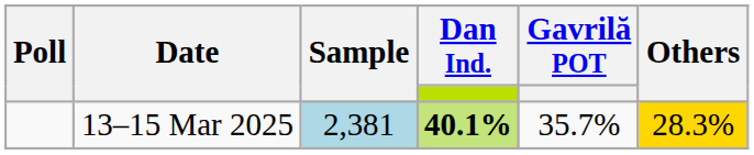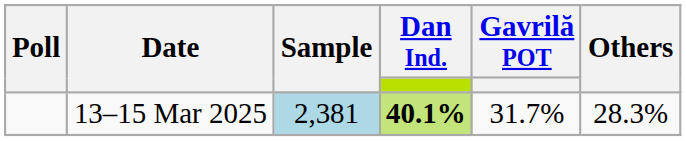 <table class="wikitable sortable" style="text-align:center;font-size:85%;line-height:14px;">
 <tr>
 <th rowspan="2">Poll</th>
 <th rowspan="2">Date</th>
 <th rowspan="2" style="width:35px;">Sample</th>
 <th class="unsortable" style="width:20px;"><a href='#'>Dan</a><br><small><a href='#'>Ind.</a></small></th>
 <th class="unsortable" style="width:20px;"><a href='#'>Gavrilă</a><br><small><a href='#'>POT</a></small></th>
 <th rowspan="2">Others</th>
 </tr>
 <tr>
 <th style="background:#BAE002; "></th>
 <th style="background:"></th>
 </tr>
 <tr>
 <td></td>
 <td>13–15 Mar 2025</td>
 <td style="background: lightblue;">2,381</td>
 <td style="background:#C2E47B"><strong>40.1%</strong></td>
-<td>35.7%</td>
-<td style="background: gold;">28.3%</td>
+<td>31.7%</td>
+<td>28.3%</td>
 </tr>
 </table>
